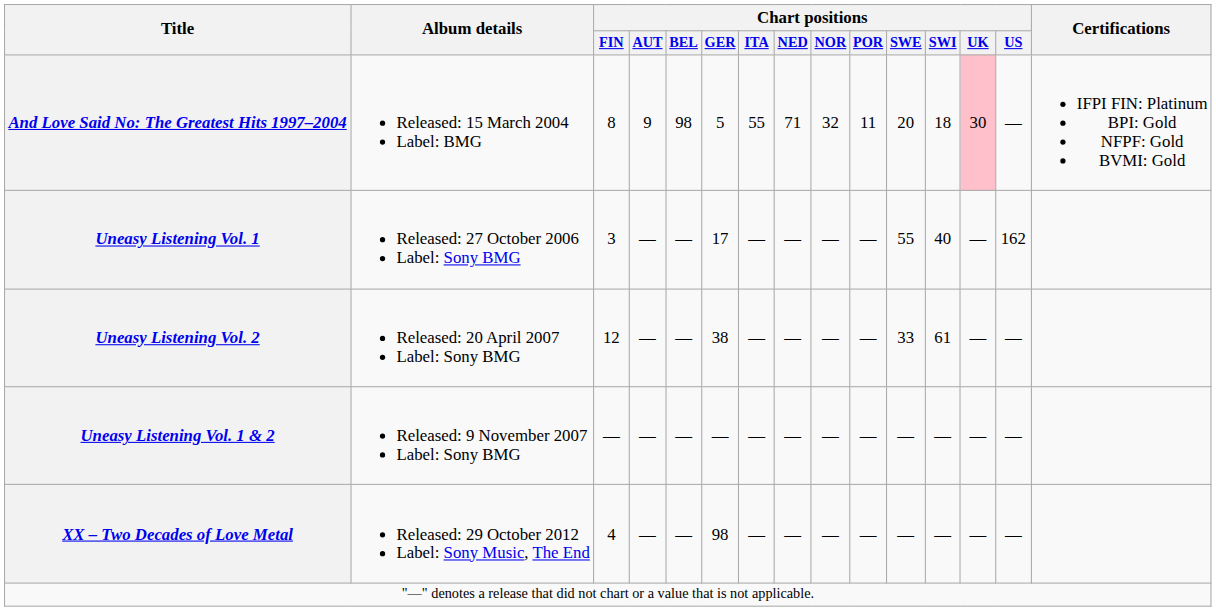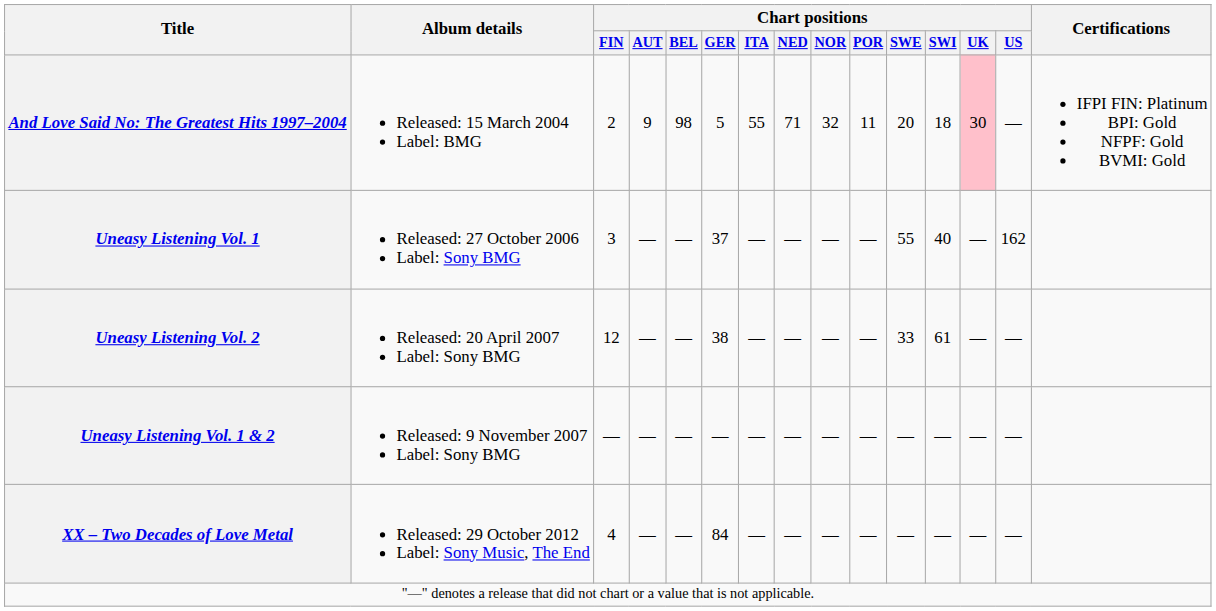 <table class="wikitable plainrowheaders">
 <tr>
 <th scope="col" rowspan="2">Title</th>
 <th scope="col" rowspan="2">Album details</th>
 <th scope="col" colspan="12">Chart positions</th>
 <th scope="col" rowspan="2">Certifications</th>
 </tr>
 <tr>
 <th style="width:2em;font-size:85%"><a href='#'>FIN</a><br></th>
 <th style="width:2em;font-size:85%"><a href='#'>AUT</a><br></th>
 <th style="width:2em;font-size:85%"><a href='#'>BEL</a><br></th>
 <th style="width:2em;font-size:85%"><a href='#'>GER</a><br></th>
 <th style="width:2em;font-size:85%"><a href='#'>ITA</a><br></th>
 <th style="width:2em;font-size:85%"><a href='#'>NED</a><br></th>
 <th style="width:2em;font-size:85%"><a href='#'>NOR</a><br></th>
 <th style="width:2em;font-size:85%"><a href='#'>POR</a><br></th>
 <th style="width:2em;font-size:85%"><a href='#'>SWE</a><br></th>
 <th style="width:2em;font-size:85%"><a href='#'>SWI</a><br></th>
 <th style="width:2em;font-size:85%"><a href='#'>UK</a><br></th>
 <th style="width:2em;font-size:85%"><a href='#'>US</a><br></th>
 </tr>
 <tr>
 <th scope="row"><em><a href='#'>And Love Said No: The Greatest Hits 1997–2004</a></em></th>
 <td><br><ul><li>Released: 15 March 2004</li><li>Label: BMG</li></ul></td>
-<td align="center">8</td>
+<td align="center">2</td>
 <td align="center">9</td>
 <td align="center">98</td>
 <td align="center">5</td>
 <td align="center">55</td>
 <td align="center">71</td>
 <td align="center">32</td>
 <td align="center">11</td>
 <td align="center">20</td>
 <td align="center">18</td>
 <td align="center" style="background: pink;">30</td>
 <td align="center">—</td>
 <td align="center"><br><ul><li>IFPI FIN: Platinum</li><li>BPI: Gold</li><li>NFPF: Gold</li><li>BVMI: Gold</li></ul></td>
 </tr>
 <tr>
 <th scope="row"><em><a href='#'>Uneasy Listening Vol. 1</a></em></th>
 <td><br><ul><li>Released: 27 October 2006</li><li>Label: <a href='#'>Sony BMG</a></li></ul></td>
 <td align="center">3</td>
 <td align="center">—</td>
 <td align="center">—</td>
-<td align="center">17</td>
+<td align="center">37</td>
 <td align="center">—</td>
 <td align="center">—</td>
 <td align="center">—</td>
 <td align="center">—</td>
 <td align="center">55</td>
 <td align="center">40</td>
 <td align="center">—</td>
 <td align="center">162</td>
 <td align="center"></td>
 </tr>
 <tr>
 <th scope="row"><em><a href='#'>Uneasy Listening Vol. 2</a></em></th>
 <td><br><ul><li>Released: 20 April 2007</li><li>Label: Sony BMG</li></ul></td>
 <td align="center">12</td>
 <td align="center">—</td>
 <td align="center">—</td>
 <td align="center">38</td>
 <td align="center">—</td>
 <td align="center">—</td>
 <td align="center">—</td>
 <td align="center">—</td>
 <td align="center">33</td>
 <td align="center">61</td>
 <td align="center">—</td>
 <td align="center">—</td>
 <td align="center"></td>
 </tr>
 <tr>
 <th scope="row"><em><a href='#'>Uneasy Listening Vol. 1 & 2</a></em></th>
 <td><br><ul><li>Released: 9 November 2007</li><li>Label: Sony BMG</li></ul></td>
 <td align="center">—</td>
 <td align="center">—</td>
 <td align="center">—</td>
 <td align="center">—</td>
 <td align="center">—</td>
 <td align="center">—</td>
 <td align="center">—</td>
 <td align="center">—</td>
 <td align="center">—</td>
 <td align="center">—</td>
 <td align="center">—</td>
 <td align="center">—</td>
 <td align="center"></td>
 </tr>
 <tr>
 <th scope="row"><em><a href='#'>XX – Two Decades of Love Metal</a></em></th>
 <td><br><ul><li>Released: 29 October 2012</li><li>Label: <a href='#'>Sony Music</a>, <a href='#'>The End</a></li></ul></td>
 <td align="center">4</td>
 <td align="center">—</td>
 <td align="center">—</td>
-<td align="center">98</td>
+<td align="center">84</td>
 <td align="center">—</td>
 <td align="center">—</td>
 <td align="center">—</td>
 <td align="center">—</td>
 <td align="center">—</td>
 <td align="center">—</td>
 <td align="center">—</td>
 <td align="center">—</td>
 <td align="center"></td>
 </tr>
 <tr>
 <td align="center" colspan="16" style="font-size: 85%">"—" denotes a release that did not chart or a value that is not applicable.</td>
 </tr>
 </table>
